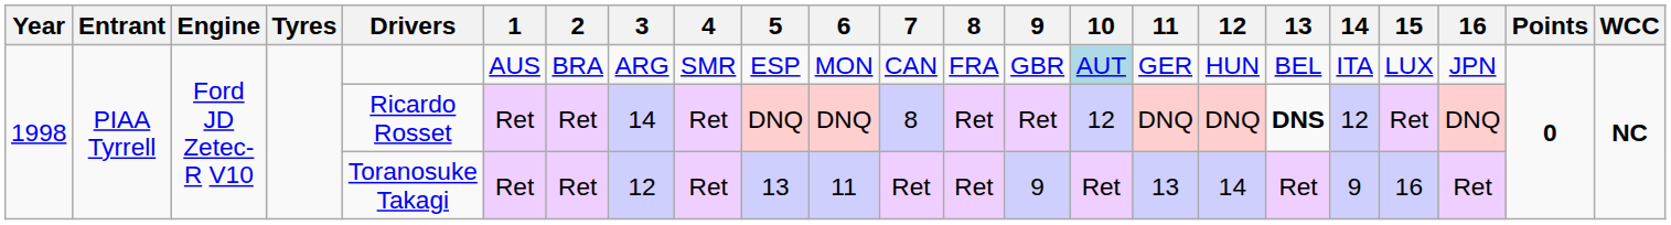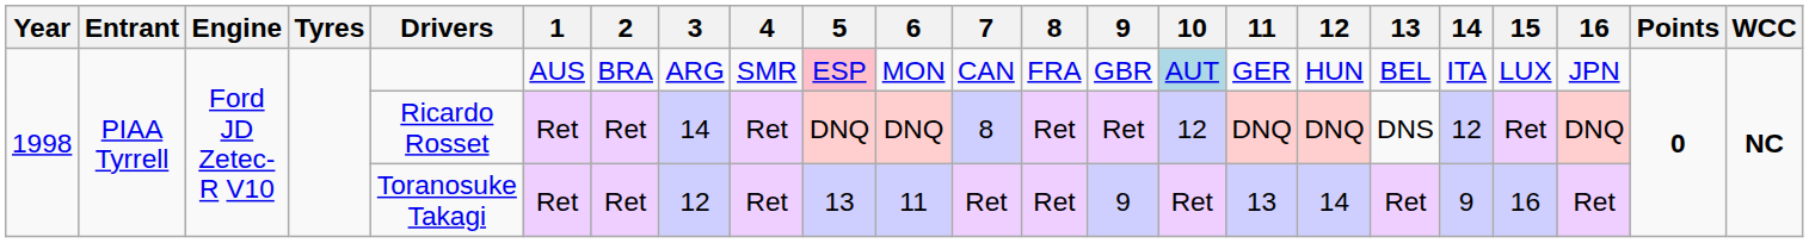 <table class="wikitable" style="text-align:center; font-size:95%">
 <tr>
 <th>Year</th>
 <th>Entrant</th>
 <th>Engine</th>
 <th>Tyres</th>
 <th>Drivers</th>
 <th>1</th>
 <th>2</th>
 <th>3</th>
 <th>4</th>
 <th>5</th>
 <th>6</th>
 <th>7</th>
 <th>8</th>
 <th>9</th>
 <th>10</th>
 <th>11</th>
 <th>12</th>
 <th>13</th>
 <th>14</th>
 <th>15</th>
 <th>16</th>
 <th>Points</th>
 <th>WCC</th>
 </tr>
 <tr>
 <td rowspan="3"><a href='#'>1998</a></td>
 <td rowspan="3"><a href='#'>PIAA Tyrrell</a></td>
 <td rowspan="3"><a href='#'>Ford JD Zetec-R</a> <a href='#'>V10</a></td>
 <td rowspan="3"></td>
 <td></td>
 <td><a href='#'>AUS</a></td>
 <td><a href='#'>BRA</a></td>
 <td><a href='#'>ARG</a></td>
 <td><a href='#'>SMR</a></td>
-<td><a href='#'>ESP</a></td>
+<td style="background: pink;"><a href='#'>ESP</a></td>
 <td><a href='#'>MON</a></td>
 <td><a href='#'>CAN</a></td>
 <td><a href='#'>FRA</a></td>
 <td><a href='#'>GBR</a></td>
 <td style="background: lightblue;"><a href='#'>AUT</a></td>
 <td><a href='#'>GER</a></td>
 <td><a href='#'>HUN</a></td>
 <td><a href='#'>BEL</a></td>
 <td><a href='#'>ITA</a></td>
 <td><a href='#'>LUX</a></td>
 <td><a href='#'>JPN</a></td>
 <td rowspan="3"><strong>0</strong></td>
 <td rowspan="3"><strong>NC</strong></td>
 </tr>
 <tr>
 <td><a href='#'>Ricardo Rosset</a></td>
 <td style="background:#EFCFFF;">Ret</td>
 <td style="background:#EFCFFF;">Ret</td>
 <td style="background:#CFCFFF;">14</td>
 <td style="background:#EFCFFF;">Ret</td>
 <td style="background:#FFCFCF;">DNQ</td>
 <td style="background:#FFCFCF;">DNQ</td>
 <td style="background:#CFCFFF;">8</td>
 <td style="background:#EFCFFF;">Ret</td>
 <td style="background:#EFCFFF;">Ret</td>
 <td style="background:#CFCFFF;">12</td>
 <td style="background:#FFCFCF;">DNQ</td>
 <td style="background:#FFCFCF;">DNQ</td>
-<td><strong>DNS</strong></td>
+<td>DNS</td>
 <td style="background:#CFCFFF;">12</td>
 <td style="background:#EFCFFF;">Ret</td>
 <td style="background:#FFCFCF;">DNQ</td>
 </tr>
 <tr>
 <td><a href='#'>Toranosuke Takagi</a></td>
 <td style="background:#EFCFFF;">Ret</td>
 <td style="background:#EFCFFF;">Ret</td>
 <td style="background:#CFCFFF;">12</td>
 <td style="background:#EFCFFF;">Ret</td>
 <td style="background:#CFCFFF;">13</td>
 <td style="background:#CFCFFF;">11</td>
 <td style="background:#EFCFFF;">Ret</td>
 <td style="background:#EFCFFF;">Ret</td>
 <td style="background:#CFCFFF;">9</td>
 <td style="background:#EFCFFF;">Ret</td>
 <td style="background:#CFCFFF;">13</td>
 <td style="background:#CFCFFF;">14</td>
 <td style="background:#EFCFFF;">Ret</td>
 <td style="background:#CFCFFF;">9</td>
 <td style="background:#CFCFFF;">16</td>
 <td style="background:#EFCFFF;">Ret</td>
 </tr>
 </table>
